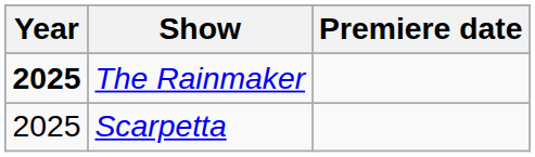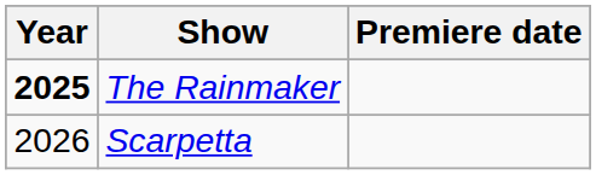 <table class="wikitable sortable">
 <tr style="background:#b0c4de; text-align:center;">
 <th>Year</th>
 <th>Show</th>
 <th>Premiere date</th>
 </tr>
 <tr>
 <td style="text-align:center;"><strong>2025</strong></td>
 <td style="text-align:left;"><em><a href='#'>The Rainmaker</a></em></td>
 <td></td>
 </tr>
 <tr>
-<td style="text-align:center;">2025</td>
+<td style="text-align:center;">2026</td>
 <td style="text-align:left;"><em><a href='#'>Scarpetta</a></em></td>
 <td></td>
 </tr>
 </table>
